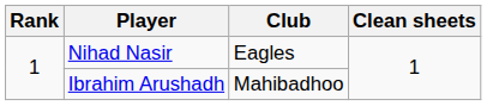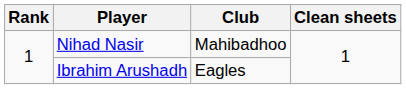 <table class="wikitable sortable" style="text-align:center">
 <tr>
 <th>Rank</th>
 <th>Player</th>
 <th>Club</th>
 <th>Clean sheets</th>
 </tr>
 <tr>
 <td rowspan="2">1</td>
 <td align="left"> <a href='#'>Nihad Nasir</a></td>
-<td align="left">Eagles</td>
+<td align="left">Mahibadhoo</td>
 <td rowspan="2">1</td>
 </tr>
 <tr>
 <td align="left"> <a href='#'>Ibrahim Arushadh</a></td>
-<td align="left">Mahibadhoo</td>
+<td align="left">Eagles</td>
 </tr>
 </table>
